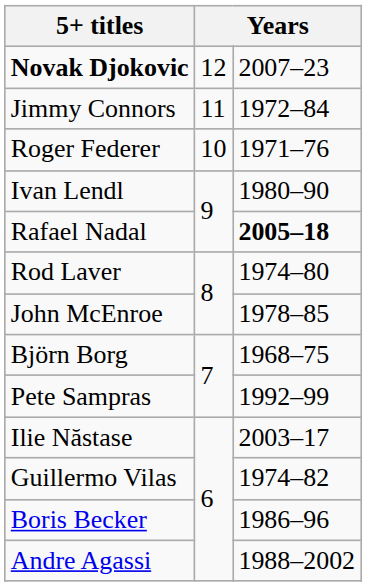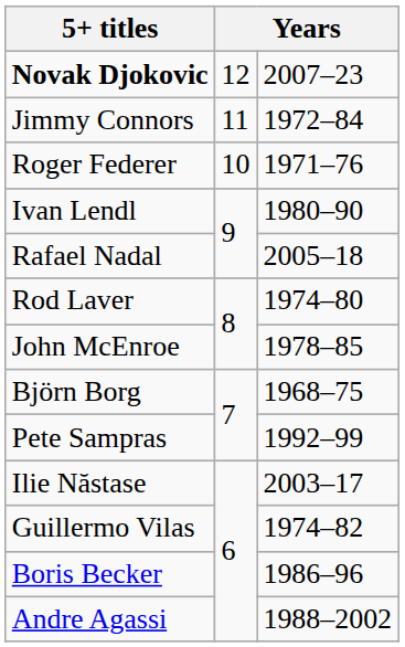 <table class="wikitable" style="display:inline-table;">
 <tr>
 <th>5+ titles</th>
 <th colspan="2">Years</th>
 </tr>
 <tr>
 <td> <strong>Novak Djokovic</strong></td>
 <td>12</td>
 <td>2007–23</td>
 </tr>
 <tr>
 <td> Jimmy Connors</td>
 <td>11</td>
 <td>1972–84</td>
 </tr>
 <tr>
 <td> Roger Federer</td>
 <td>10</td>
 <td>1971–76</td>
 </tr>
 <tr>
 <td> Ivan Lendl</td>
 <td rowspan="2">9</td>
 <td>1980–90</td>
 </tr>
 <tr>
 <td> Rafael Nadal</td>
-<td><strong>2005–18</strong></td>
+<td>2005–18</td>
 </tr>
 <tr>
 <td> Rod Laver</td>
 <td rowspan="2">8</td>
 <td>1974–80</td>
 </tr>
 <tr>
 <td> John McEnroe</td>
 <td>1978–85</td>
 </tr>
 <tr>
 <td> Björn Borg</td>
 <td rowspan="2">7</td>
 <td>1968–75</td>
 </tr>
 <tr>
 <td> Pete Sampras</td>
 <td>1992–99</td>
 </tr>
 <tr>
 <td> Ilie Năstase</td>
 <td rowspan="4">6</td>
 <td>2003–17</td>
 </tr>
 <tr>
 <td> Guillermo Vilas</td>
 <td>1974–82</td>
 </tr>
 <tr>
 <td> <a href='#'>Boris Becker</a></td>
 <td>1986–96</td>
 </tr>
 <tr>
 <td> <a href='#'>Andre Agassi</a></td>
 <td>1988–2002</td>
 </tr>
 </table>
